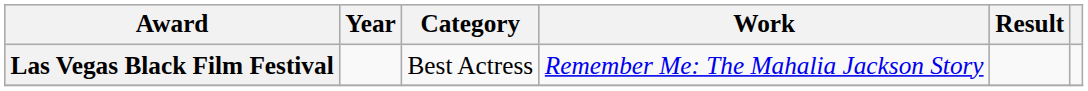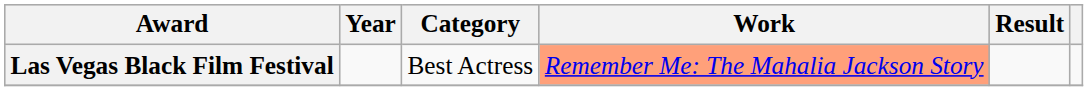 <table class="wikitable sortable plainrowheaders">
 <tr>
 <th scope="col">Award</th>
 <th scope="col">Year</th>
 <th scope="col">Category</th>
 <th scope="col">Work</th>
 <th scope="col">Result</th>
 <th scope="col" class="unsortable"></th>
 </tr>
 <tr>
 <th scope="row" rowspan="1">Las Vegas Black Film Festival</th>
 <td></td>
 <td>Best Actress</td>
-<td><em><a href='#'>Remember Me: The Mahalia Jackson Story</a></em></td>
+<td style="background: lightsalmon;"><em><a href='#'>Remember Me: The Mahalia Jackson Story</a></em></td>
 <td></td>
 <td></td>
 </tr>
 <tr>
 </tr>
 </table>
